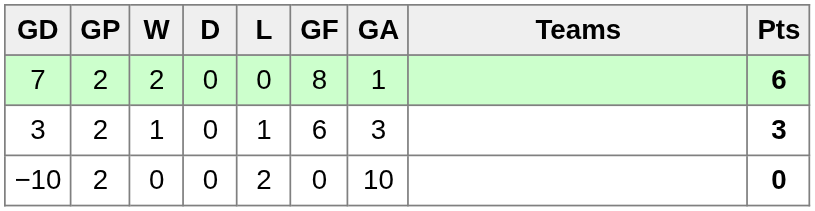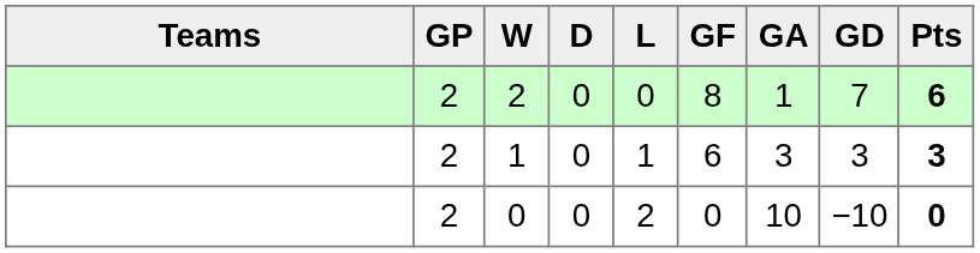 <table style=border-collapse:collapse border=1 cellspacing=0 cellpadding=5>
 <tr align=center bgcolor=#efefef>
-<th width=20>GD</th>
+<th width=185>Teams</th>
 <th width=20>GP</th>
 <th width=20>W</th>
 <th width=20>D</th>
 <th width=20>L</th>
 <th width=20>GF</th>
 <th width=20>GA</th>
-<th width=185>Teams</th>
+<th width=20>GD</th>
 <th width=20>Pts</th>
 </tr>
 <tr align=center style="background:#ccffcc;">
-<td>7</td>
+<td style="text-align:left;"></td>
 <td>2</td>
 <td>2</td>
 <td>0</td>
 <td>0</td>
 <td>8</td>
 <td>1</td>
-<td style="text-align:left;"></td>
+<td>7</td>
 <td><strong>6</strong></td>
 </tr>
 <tr align=center>
-<td>3</td>
+<td style="text-align:left;"></td>
 <td>2</td>
 <td>1</td>
 <td>0</td>
 <td>1</td>
 <td>6</td>
 <td>3</td>
-<td style="text-align:left;"></td>
+<td>3</td>
 <td><strong>3</strong></td>
 </tr>
 <tr align=center>
-<td>−10</td>
+<td style="text-align:left;"></td>
 <td>2</td>
 <td>0</td>
 <td>0</td>
 <td>2</td>
 <td>0</td>
 <td>10</td>
-<td style="text-align:left;"></td>
+<td>−10</td>
 <td><strong>0</strong></td>
 </tr>
 </table>
